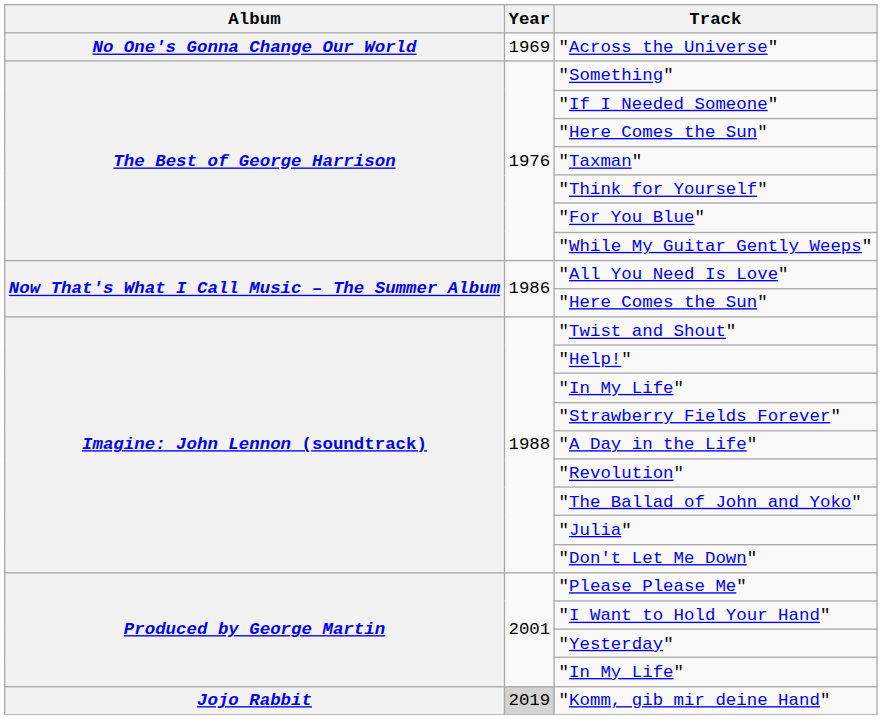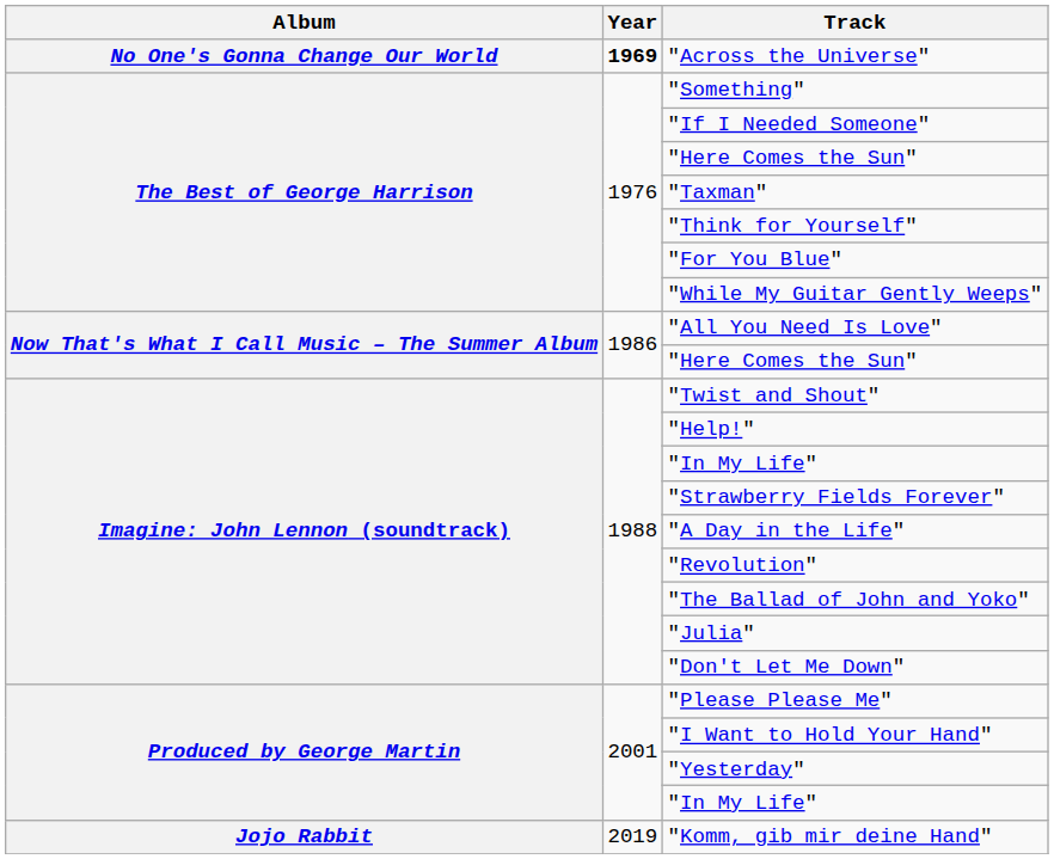 <table class="wikitable plainrowheaders">
 <tr>
 <th scope="col">Album</th>
 <th scope="col">Year</th>
 <th scope="col">Track</th>
 </tr>
 <tr>
 <th scope="row"><em><a href='#'>No One's Gonna Change Our World</a></em></th>
-<td style="text-align:center;">1969</td>
+<td style="text-align:center;"><strong>1969</strong></td>
 <td>"<a href='#'>Across the Universe</a>" </td>
 </tr>
 <tr>
 <th scope="row" rowspan="7"><em><a href='#'>The Best of George Harrison</a></em></th>
 <td rowspan="7" style="text-align:center;">1976</td>
 <td>"<a href='#'>Something</a>"</td>
 </tr>
 <tr>
 <td>"<a href='#'>If I Needed Someone</a>"</td>
 </tr>
 <tr>
 <td>"<a href='#'>Here Comes the Sun</a>"</td>
 </tr>
 <tr>
 <td>"<a href='#'>Taxman</a>"</td>
 </tr>
 <tr>
 <td>"<a href='#'>Think for Yourself</a>"</td>
 </tr>
 <tr>
 <td>"<a href='#'>For You Blue</a>"</td>
 </tr>
 <tr>
 <td>"<a href='#'>While My Guitar Gently Weeps</a>"</td>
 </tr>
 <tr>
 <th scope="row" rowspan="2"><em><a href='#'>Now That's What I Call Music – The Summer Album</a></em></th>
 <td rowspan="2" style="text-align:center;">1986</td>
 <td>"<a href='#'>All You Need Is Love</a>"</td>
 </tr>
 <tr>
 <td>"<a href='#'>Here Comes the Sun</a>"</td>
 </tr>
 <tr>
 <th scope="row" rowspan="9"><a href='#'><em>Imagine: John Lennon</em> (soundtrack)</a></th>
 <td rowspan="9" style="text-align:center;">1988</td>
 <td>"<a href='#'>Twist and Shout</a>"</td>
 </tr>
 <tr>
 <td>"<a href='#'>Help!</a>"</td>
 </tr>
 <tr>
 <td>"<a href='#'>In My Life</a>"</td>
 </tr>
 <tr>
 <td>"<a href='#'>Strawberry Fields Forever</a>"</td>
 </tr>
 <tr>
 <td>"<a href='#'>A Day in the Life</a>"</td>
 </tr>
 <tr>
 <td>"<a href='#'>Revolution</a>"</td>
 </tr>
 <tr>
 <td>"<a href='#'>The Ballad of John and Yoko</a>"</td>
 </tr>
 <tr>
 <td>"<a href='#'>Julia</a>"</td>
 </tr>
 <tr>
 <td>"<a href='#'>Don't Let Me Down</a>" </td>
 </tr>
 <tr>
 <th scope="row" rowspan="4"><em><a href='#'>Produced by George Martin</a></em></th>
 <td rowspan="4" style="text-align:center;">2001</td>
 <td>"<a href='#'>Please Please Me</a>"</td>
 </tr>
 <tr>
 <td>"<a href='#'>I Want to Hold Your Hand</a>"</td>
 </tr>
 <tr>
 <td>"<a href='#'>Yesterday</a>"</td>
 </tr>
 <tr>
 <td>"<a href='#'>In My Life</a>"</td>
 </tr>
 <tr>
 <th scope="row"><em><a href='#'>Jojo Rabbit</a></em></th>
-<td style="background: lightgrey;">2019</td>
+<td>2019</td>
 <td>"<a href='#'>Komm, gib mir deine Hand</a>"</td>
 </tr>
 </table>
